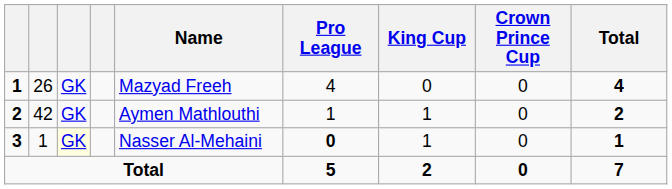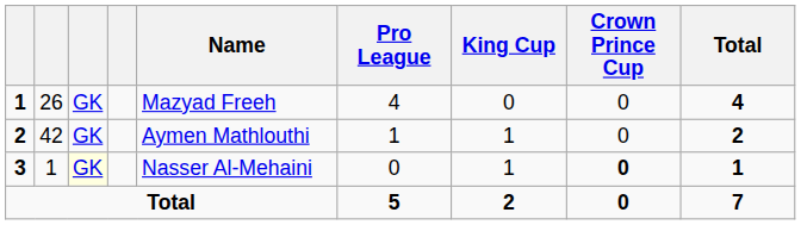 <table class="wikitable" style="text-align:center">
 <tr>
 <th width=15></th>
 <th width=15></th>
 <th width=15></th>
 <th width=15></th>
 <th width=145>Name</th>
 <th width=80><a href='#'>Pro League</a></th>
 <th width=80><a href='#'>King Cup</a></th>
 <th width=80><a href='#'>Crown Prince Cup</a></th>
 <th width=80>Total</th>
 </tr>
 <tr>
 <td><strong>1</strong></td>
 <td>26</td>
 <td><a href='#'>GK</a></td>
 <td></td>
 <td align=left><a href='#'>Mazyad Freeh</a></td>
 <td>4</td>
 <td>0</td>
 <td>0</td>
 <td><strong>4</strong></td>
 </tr>
 <tr>
 <td><strong>2</strong></td>
 <td>42</td>
 <td><a href='#'>GK</a></td>
 <td></td>
 <td align=left><a href='#'>Aymen Mathlouthi</a></td>
 <td>1</td>
 <td>1</td>
 <td>0</td>
 <td><strong>2</strong></td>
 </tr>
 <tr>
 <td><strong>3</strong></td>
 <td>1</td>
 <td style="background: lightyellow;"><a href='#'>GK</a></td>
 <td></td>
 <td align=left><a href='#'>Nasser Al-Mehaini</a></td>
+<td>0</td>
+<td>1</td>
 <td><strong>0</strong></td>
-<td>1</td>
-<td>0</td>
 <td><strong>1</strong></td>
 </tr>
 <tr>
 <td colspan=5><strong>Total</strong></td>
 <td><strong>5</strong></td>
 <td><strong>2</strong></td>
 <td><strong>0</strong></td>
 <td><strong>7</strong></td>
 </tr>
 </table>
